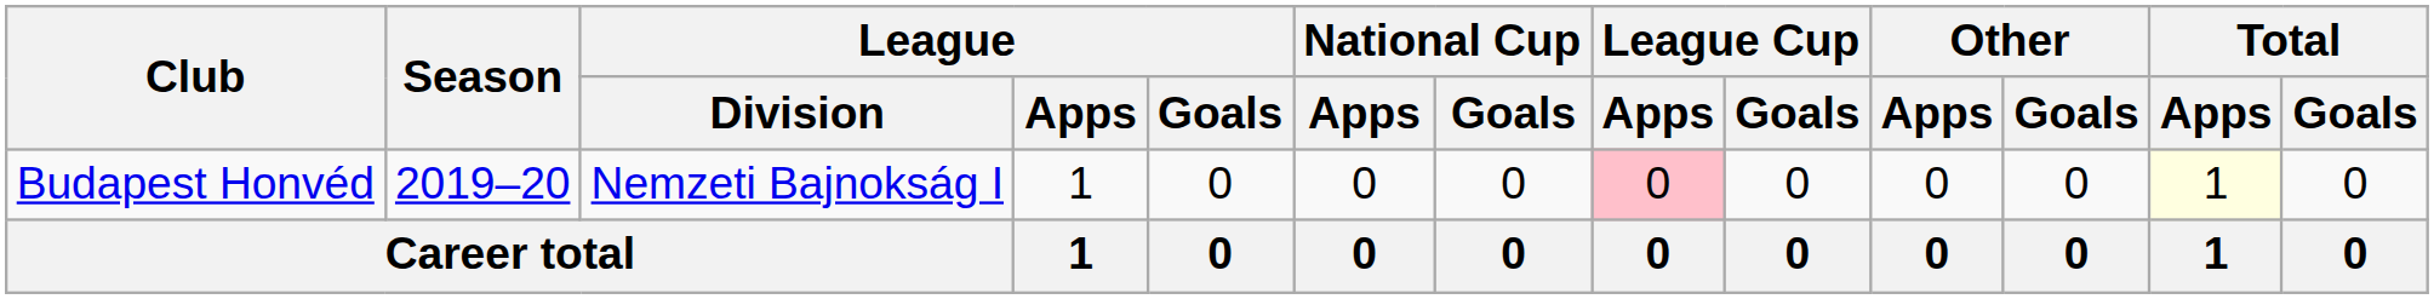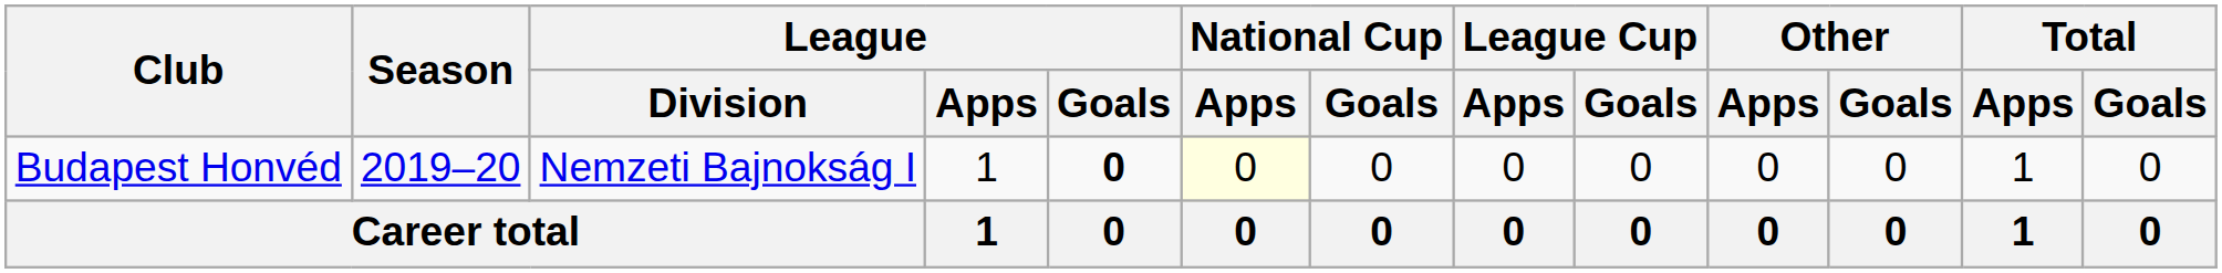 <table class="wikitable" style="text-align: center">
 <tr>
 <th rowspan="2">Club</th>
 <th rowspan="2">Season</th>
 <th colspan="3">League</th>
 <th colspan="2">National Cup</th>
 <th colspan="2">League Cup</th>
 <th colspan="2">Other</th>
 <th colspan="2">Total</th>
 </tr>
 <tr>
 <th>Division</th>
 <th>Apps</th>
 <th>Goals</th>
 <th>Apps</th>
 <th>Goals</th>
 <th>Apps</th>
 <th>Goals</th>
 <th>Apps</th>
 <th>Goals</th>
 <th>Apps</th>
 <th>Goals</th>
 </tr>
 <tr>
 <td><a href='#'>Budapest Honvéd</a></td>
 <td><a href='#'>2019–20</a></td>
 <td><a href='#'>Nemzeti Bajnokság I</a></td>
 <td>1</td>
+<td><strong>0</strong></td>
+<td style="background: lightyellow;">0</td>
 <td>0</td>
 <td>0</td>
 <td>0</td>
-<td style="background: pink;">0</td>
 <td>0</td>
 <td>0</td>
-<td>0</td>
-<td style="background: lightyellow;">1</td>
+<td>1</td>
 <td>0</td>
 </tr>
 <tr>
 <th colspan="3"><strong>Career total</strong></th>
 <th>1</th>
 <th>0</th>
 <th>0</th>
 <th>0</th>
 <th>0</th>
 <th>0</th>
 <th>0</th>
 <th>0</th>
 <th>1</th>
 <th>0</th>
 </tr>
 </table>
